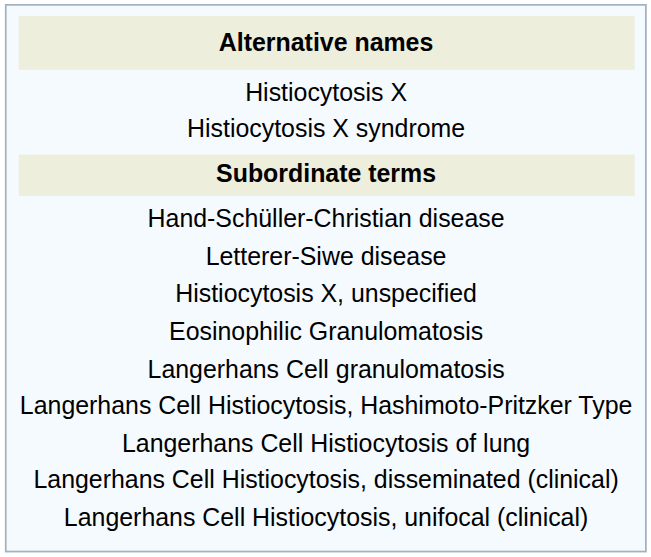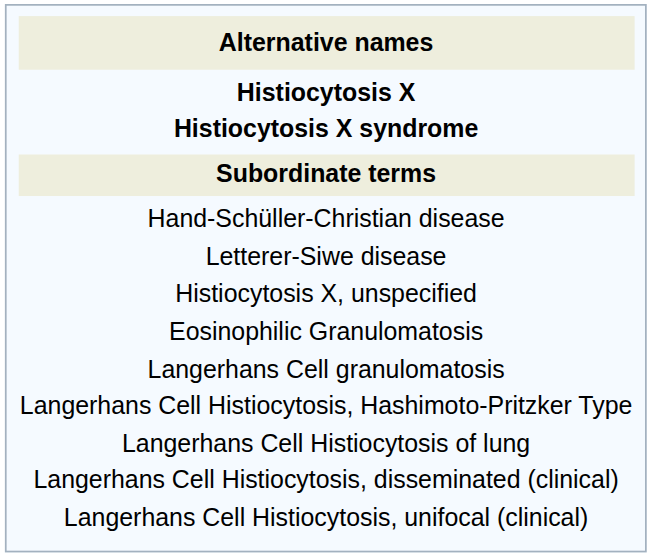 <table style="padding:0.3em; float:right; margin-left:15px; border:1px solid #A3B1BF; background:#f5faff; text-align:center; font-size:90%; line-height:1.5em;">
 <tr>
 <th style="background:#eed; padding:0.3em; text-align:center;">Alternative names</th>
 </tr>
 <tr>
-<td>Histiocytosis X<br>Histiocytosis X syndrome</td>
+<td><strong>Histiocytosis X<br>Histiocytosis X syndrome</strong></td>
 </tr>
 <tr>
 <td style="padding:0.1em; background-color:#eed;text-align:center;"><strong>Subordinate terms</strong></td>
 </tr>
 <tr>
 <td>Hand-Schüller-Christian disease<br>Letterer-Siwe disease<br> Histiocytosis X, unspecified<br> Eosinophilic Granulomatosis<br> Langerhans Cell granulomatosis<br> Langerhans Cell Histiocytosis, Hashimoto-Pritzker Type<br> Langerhans Cell Histiocytosis of lung<br> Langerhans Cell Histiocytosis, disseminated (clinical)<br> Langerhans Cell Histiocytosis, unifocal (clinical)</td>
 </tr>
 </table>
